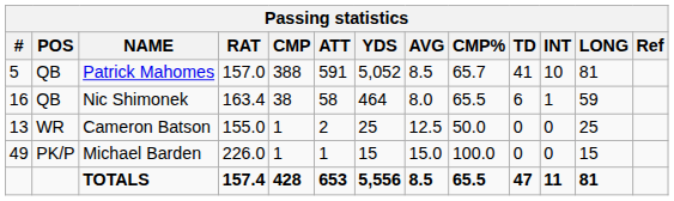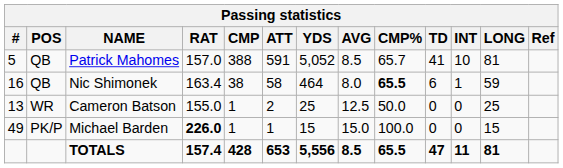 <table class="wikitable sortable collapsible collapsed">
 <tr>
 <th colspan="13">Passing statistics</th>
 </tr>
 <tr>
 <th>#</th>
 <th>POS</th>
 <th>NAME</th>
 <th>RAT</th>
 <th>CMP</th>
 <th>ATT</th>
 <th>YDS</th>
 <th>AVG</th>
 <th>CMP%</th>
 <th>TD</th>
 <th>INT</th>
 <th>LONG</th>
 <th>Ref</th>
 </tr>
 <tr>
 <td>5</td>
 <td>QB</td>
 <td><a href='#'>Patrick Mahomes</a></td>
 <td>157.0</td>
 <td>388</td>
 <td>591</td>
 <td>5,052</td>
 <td>8.5</td>
 <td>65.7</td>
 <td>41</td>
 <td>10</td>
 <td>81</td>
 <td></td>
 </tr>
 <tr>
 <td>16</td>
 <td>QB</td>
 <td>Nic Shimonek</td>
 <td>163.4</td>
 <td>38</td>
 <td>58</td>
 <td>464</td>
 <td>8.0</td>
-<td>65.5</td>
+<td><strong>65.5</strong></td>
 <td>6</td>
 <td>1</td>
 <td>59</td>
 <td></td>
 </tr>
 <tr>
 <td>13</td>
 <td>WR</td>
 <td>Cameron Batson</td>
 <td>155.0</td>
 <td>1</td>
 <td>2</td>
 <td>25</td>
 <td>12.5</td>
 <td>50.0</td>
 <td>0</td>
 <td>0</td>
 <td>25</td>
 <td></td>
 </tr>
 <tr>
 <td>49</td>
 <td>PK/P</td>
 <td>Michael Barden</td>
-<td>226.0</td>
+<td><strong>226.0</strong></td>
 <td>1</td>
 <td>1</td>
 <td>15</td>
 <td>15.0</td>
 <td>100.0</td>
 <td>0</td>
 <td>0</td>
 <td>15</td>
 <td></td>
 </tr>
 <tr>
 <td></td>
 <td></td>
 <td><strong>TOTALS</strong></td>
 <td><strong>157.4</strong></td>
 <td><strong>428</strong></td>
 <td><strong>653</strong></td>
 <td><strong>5,556</strong></td>
 <td><strong>8.5</strong></td>
 <td><strong>65.5</strong></td>
 <td><strong>47</strong></td>
 <td><strong>11</strong></td>
 <td><strong>81</strong></td>
 <td></td>
 </tr>
 </table>
